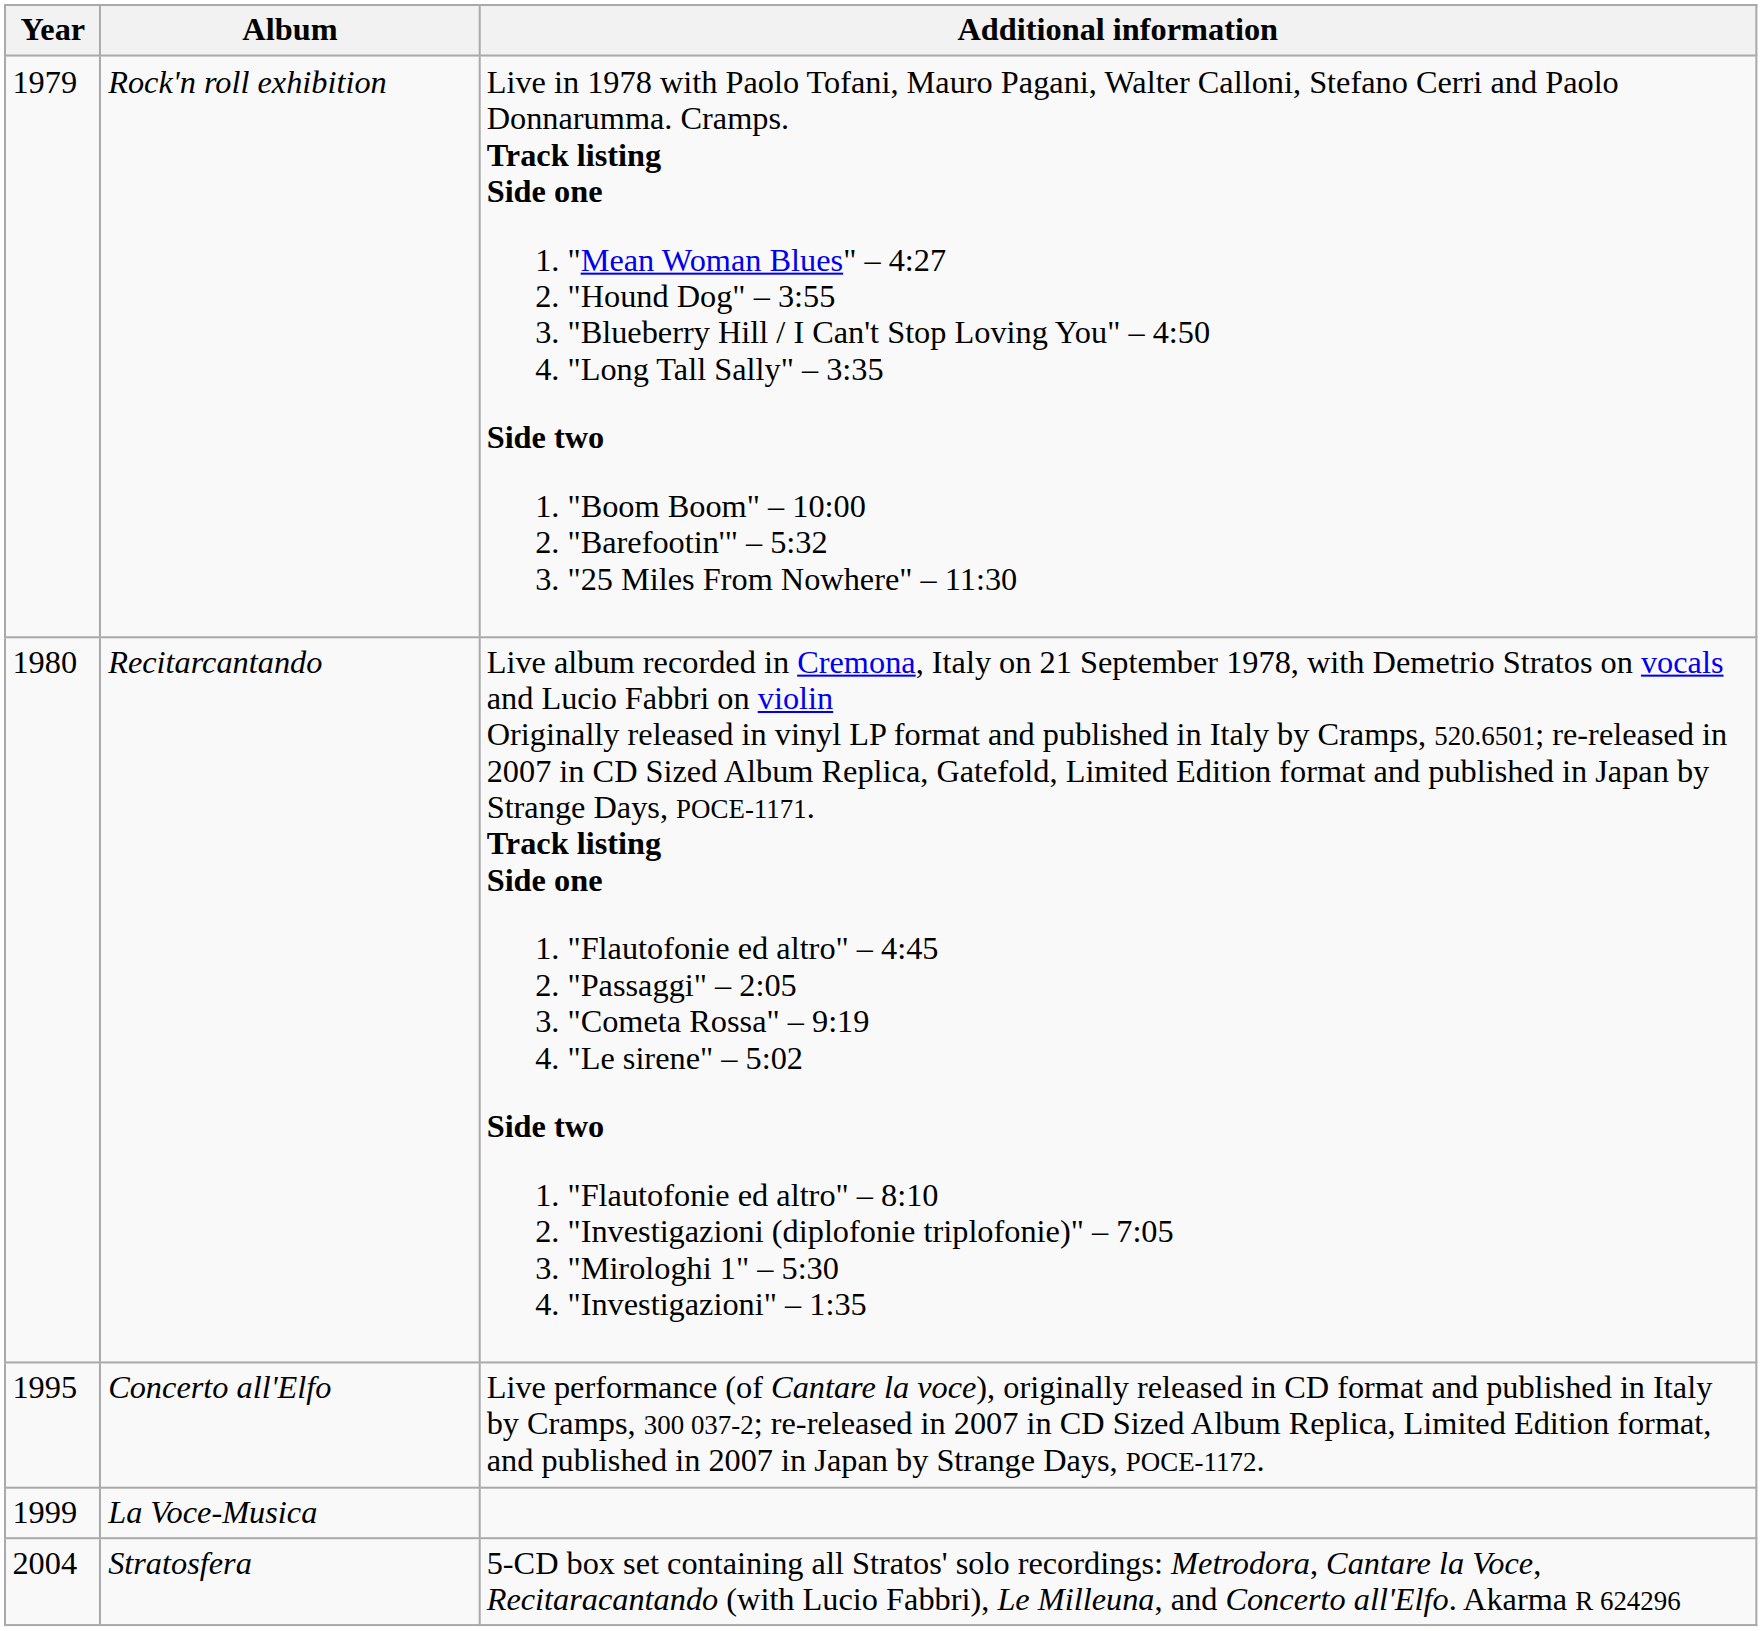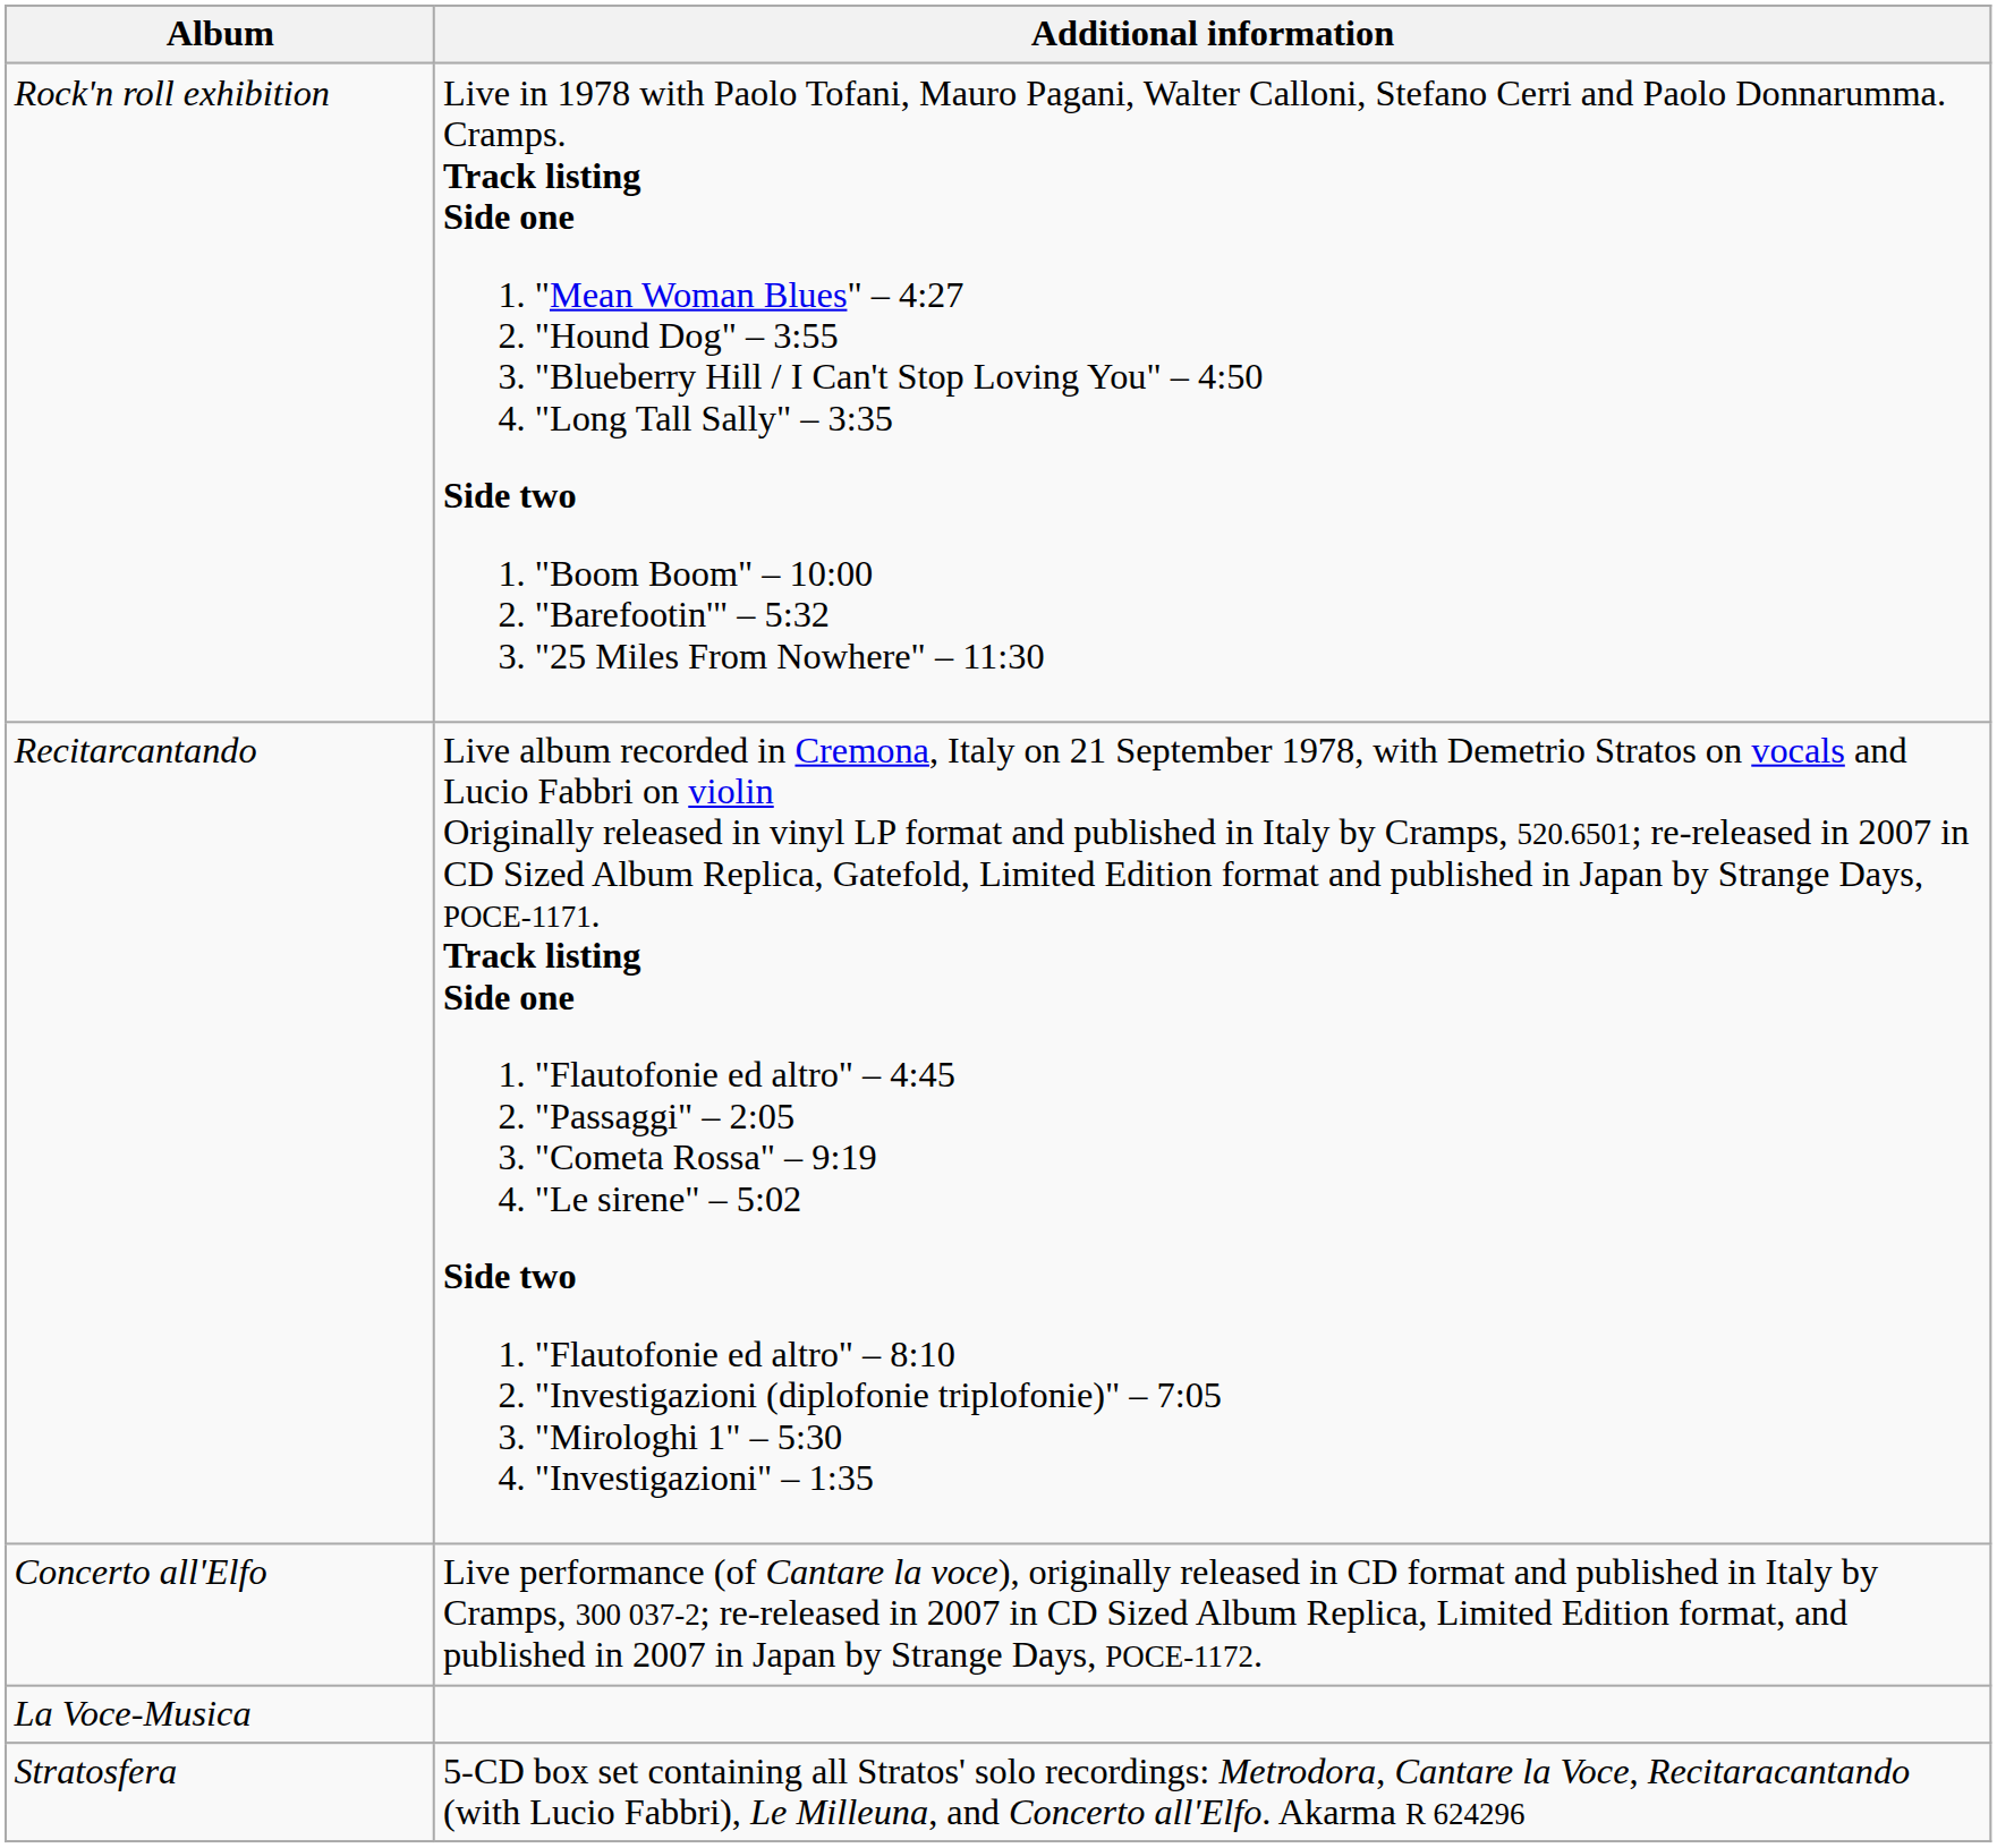 <table class="wikitable">
 <tr>
-<th align="left" valign="top" width="40">Year</th>
 <th align="left" valign="top" width="180">Album</th>
 <th align="left" valign="top">Additional information</th>
 </tr>
 <tr>
-<td align="left" valign="top">1979</td>
 <td align="left" valign="top"><em>Rock'n roll exhibition</em></td>
 <td align="left" valign="top">Live in 1978 with Paolo Tofani, Mauro Pagani, Walter Calloni, Stefano Cerri and Paolo Donnarumma. Cramps.<br><strong>Track listing</strong><br><strong>Side one</strong><ol><li>"<a href='#'>Mean Woman Blues</a>" – 4:27</li><li>"Hound Dog" – 3:55</li><li>"Blueberry Hill / I Can't Stop Loving You" – 4:50</li><li>"Long Tall Sally" – 3:35</li></ol><strong>Side two</strong><ol><li>"Boom Boom" – 10:00</li><li>"Barefootin'" – 5:32</li><li>"25 Miles From Nowhere" – 11:30</li></ol></td>
 </tr>
 <tr>
-<td align="left" valign="top">1980</td>
 <td align="left" valign="top"><em>Recitarcantando</em></td>
 <td align="left" valign="top">Live album recorded in <a href='#'>Cremona</a>, Italy on 21 September 1978, with Demetrio Stratos on <a href='#'>vocals</a> and Lucio Fabbri on <a href='#'>violin</a><br>Originally released in vinyl LP format and published in Italy by Cramps, <small>520.6501</small>; re-released in 2007 in CD Sized Album Replica, Gatefold, Limited Edition format and published in Japan by Strange Days, <small>POCE-1171</small>.<br><strong>Track listing</strong><br><strong>Side one</strong><ol><li>"Flautofonie ed altro" – 4:45</li><li>"Passaggi" – 2:05</li><li>"Cometa Rossa" – 9:19</li><li>"Le sirene" – 5:02</li></ol><strong>Side two</strong><ol><li>"Flautofonie ed altro" – 8:10</li><li>"Investigazioni (diplofonie triplofonie)" – 7:05</li><li>"Mirologhi 1" – 5:30</li><li>"Investigazioni" – 1:35</li></ol></td>
 </tr>
 <tr>
-<td align="left" valign="top">1995</td>
 <td align="left" valign="top"><em>Concerto all'Elfo</em></td>
 <td align="left" valign="top">Live performance (of <em>Cantare la voce</em>), originally released in CD format and published in Italy by Cramps, <small>300 037-2</small>; re-released in 2007 in CD Sized Album Replica, Limited Edition format, and published in 2007 in Japan by Strange Days, <small>POCE-1172</small>.</td>
 </tr>
 <tr>
-<td align="left" valign="top">1999</td>
 <td align="left" valign="top"><em>La Voce-Musica</em></td>
 <td align="left" valign="top"></td>
 </tr>
 <tr>
-<td align="left" valign="top">2004</td>
 <td align="left" valign="top"><em>Stratosfera</em></td>
 <td align="left" valign="top">5-CD box set containing all Stratos' solo recordings: <em>Metrodora</em>, <em>Cantare la Voce</em>, <em>Recitaracantando</em> (with Lucio Fabbri), <em>Le Milleuna</em>, and <em>Concerto all'Elfo</em>. Akarma <small>R 624296</small></td>
 </tr>
 </table>
